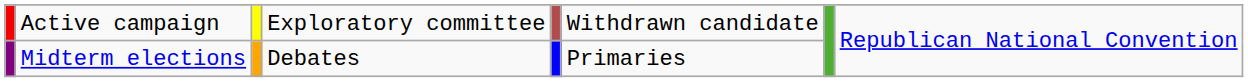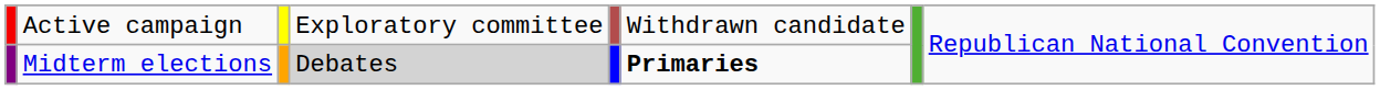 <table class="wikitable">
 <tr>
 <td style="background:#F50000;"></td>
 <td>Active campaign</td>
 <td style="background:#FFFF00;"></td>
 <td>Exploratory committee</td>
 <td style="background:#B24C4C;"></td>
 <td>Withdrawn candidate</td>
 <td rowspan=2; style="background:#4FAF32;"></td>
 <td rowspan=2;><a href='#'>Republican National Convention</a></td>
 </tr>
 <tr>
 <td style="background:purple;"></td>
 <td><a href='#'>Midterm elections</a></td>
 <td style="background:orange;"></td>
-<td>Debates</td>
+<td style="background: lightgrey;">Debates</td>
 <td style="background:#0000FF;"></td>
-<td>Primaries</td>
+<td><strong>Primaries</strong></td>
 </tr>
 </table>
